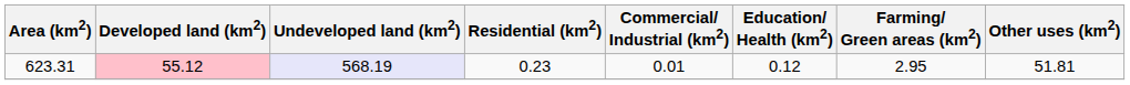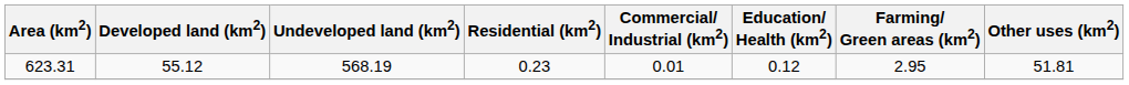 <table class="wikitable" style="text-align: center;">
 <tr>
 <th>Area (km<sup>2</sup>)</th>
 <th>Developed land (km<sup>2</sup>)</th>
 <th>Undeveloped land (km<sup>2</sup>)</th>
 <th>Residential (km<sup>2</sup>)</th>
 <th>Commercial/<br> Industrial (km<sup>2</sup>)</th>
 <th>Education/<br> Health (km<sup>2</sup>)</th>
 <th>Farming/<br> Green areas (km<sup>2</sup>)</th>
 <th>Other uses (km<sup>2</sup>)</th>
 </tr>
 <tr>
 <td>623.31</td>
-<td style="background: pink;">55.12</td>
-<td style="background: lavender;">568.19</td>
+<td>55.12</td>
+<td>568.19</td>
 <td>0.23</td>
 <td>0.01</td>
 <td>0.12</td>
 <td>2.95</td>
 <td>51.81</td>
 </tr>
 <tr>
 </tr>
 </table>
